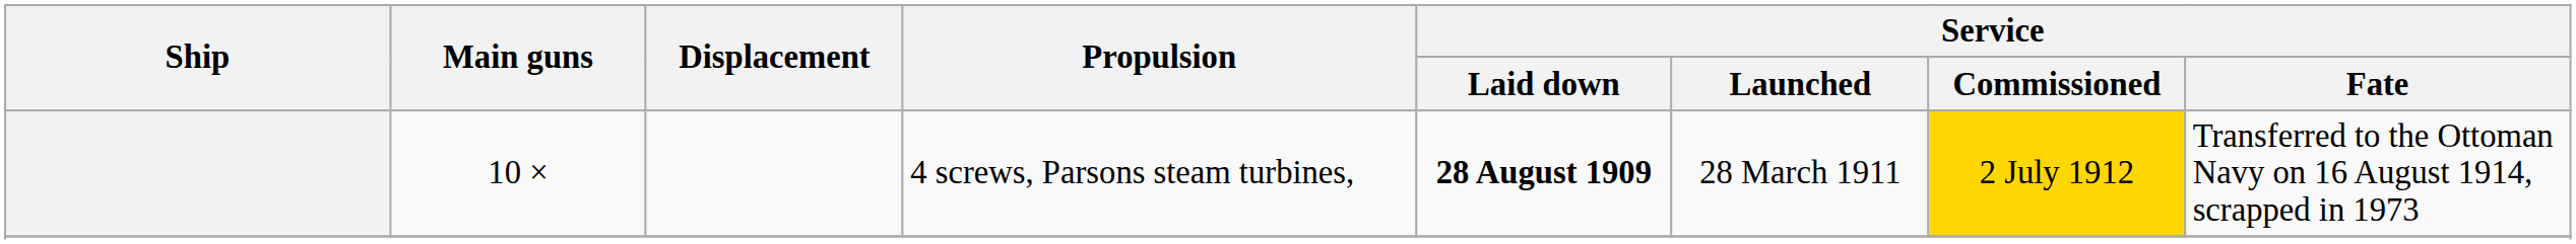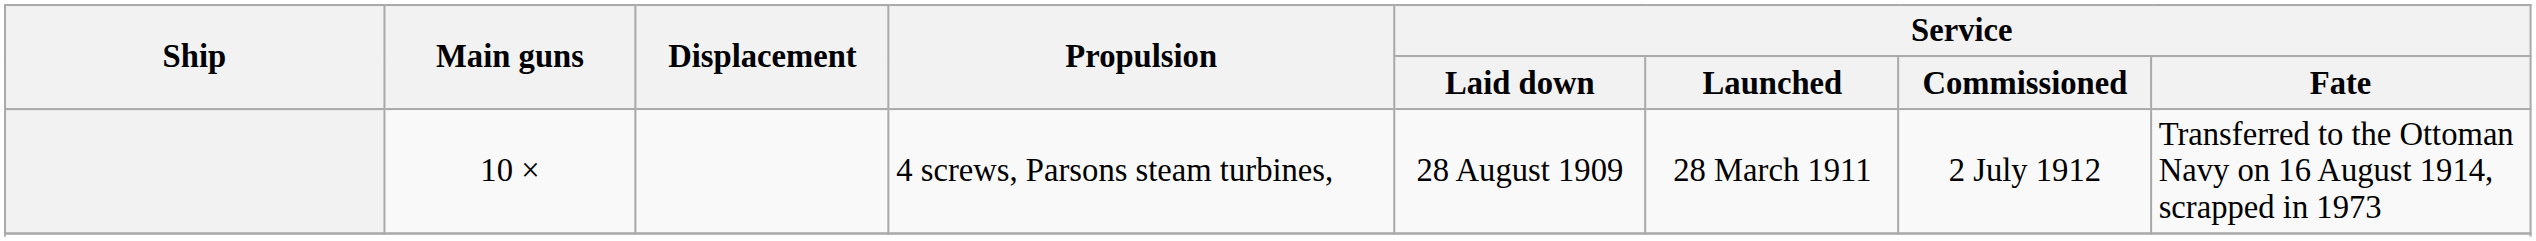 <table class="wikitable" width=98%>
 <tr valign="center"|- valign="center">
 <th width=15%; align= center rowspan=2 scope="col">Ship</th>
 <th width=10%; align= center rowspan=2 scope="col">Main guns</th>
 <th width=10%; align= center rowspan=2 scope="col">Displacement</th>
 <th width=20%; align= center rowspan=2 scope="col">Propulsion</th>
 <th width=40%; align= center colspan=43>Service</th>
 </tr>
 <tr valign="center">
 <th width=10%; align= center scope="col">Laid down</th>
 <th width=10%; align= center scope="col">Launched</th>
 <th width=10%; align= center scope="col">Commissioned</th>
 <th width=20%; align= center scope="col">Fate</th>
 </tr>
 <tr valign="center">
 <th align= left scope="row"></th>
 <td align= center>10 × </td>
 <td align= center></td>
 <td align= left>4 screws, Parsons steam turbines, </td>
-<td align= center><strong>28 August 1909</strong></td>
+<td align= center>28 August 1909</td>
 <td align= center>28 March 1911</td>
-<td align= center style="background: gold;">2 July 1912</td>
+<td align= center>2 July 1912</td>
 <td align= left>Transferred to the Ottoman Navy on 16 August 1914, scrapped in 1973</td>
 </tr>
 <tr valign="center">
 </tr>
 <tr>
 </tr>
 </table>
